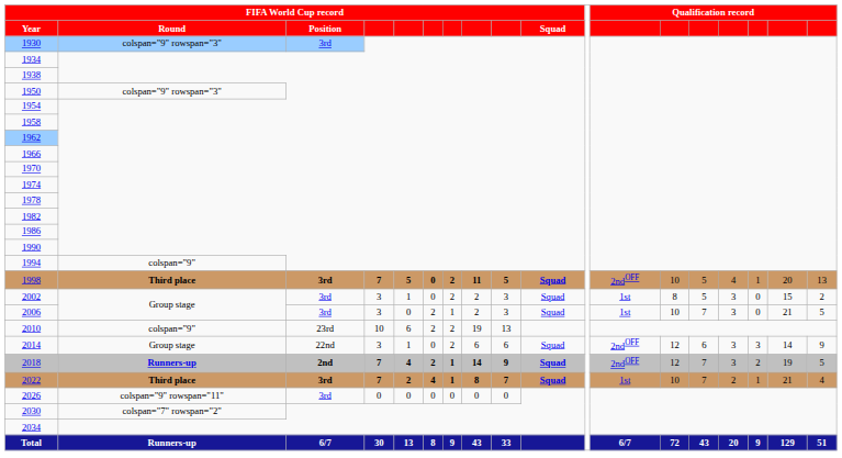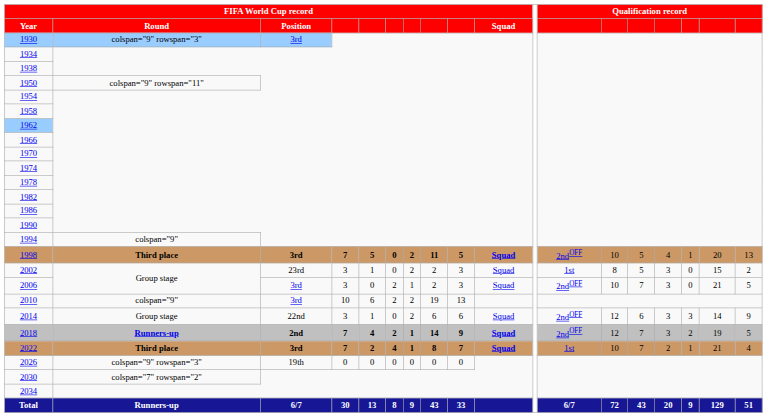 <table class="wikitable" style="font-size:90%; text-align:center;" width="100%" class="wikitable">
 <tr>
 <th colspan="10" style="background:#ff0000; color:white; ">FIFA World Cup record</th>
 <th width="1" rowspan="29" style="background:#FFFFFF; color:white"></th>
 <th colspan="7" style="background:#ff0000; color:white; ">Qualification record</th>
 </tr>
 <tr>
 <th style="background:#ff0000; color:white; ">Year</th>
 <th style="background:#ff0000; color:white; ">Round</th>
 <th style="background:#ff0000; color:white; ">Position</th>
 <th style="background:#ff0000; color:white; "></th>
 <th style="background:#ff0000; color:white; "></th>
 <th style="background:#ff0000; color:white; "></th>
 <th style="background:#ff0000; color:white; "></th>
 <th style="background:#ff0000; color:white; "></th>
 <th style="background:#ff0000; color:white; "></th>
 <th style="background:#ff0000; color:white; ">Squad</th>
 <th style="background:#ff0000; color:white; "></th>
 <th style="background:#ff0000; color:white; "></th>
 <th style="background:#ff0000; color:white; "></th>
 <th style="background:#ff0000; color:white; "></th>
 <th style="background:#ff0000; color:white; "></th>
 <th style="background:#ff0000; color:white; "></th>
 <th style="background:#ff0000; color:white; "></th>
 </tr>
 <tr bgcolor=#9acdff>
 <td> <a href='#'>1930</a></td>
 <td>colspan="9" rowspan="3" </td>
 <td><a href='#'>3rd</a></td>
 </tr>
 <tr>
 <td> <a href='#'>1934</a></td>
 </tr>
 <tr>
 <td> <a href='#'>1938</a></td>
 </tr>
 <tr>
 <td> <a href='#'>1950</a></td>
-<td>colspan="9" rowspan="3" </td>
+<td>colspan="9" rowspan="11" </td>
 </tr>
 <tr>
 <td> <a href='#'>1954</a></td>
 </tr>
 <tr>
 <td> <a href='#'>1958</a></td>
 </tr>
 <tr bgcolor=#9acdff>
 <td> <a href='#'>1962</a></td>
 </tr>
 <tr>
 <td> <a href='#'>1966</a></td>
 </tr>
 <tr>
 <td> <a href='#'>1970</a></td>
 </tr>
 <tr>
 <td> <a href='#'>1974</a></td>
 </tr>
 <tr>
 <td> <a href='#'>1978</a></td>
 </tr>
 <tr>
 <td> <a href='#'>1982</a></td>
 </tr>
 <tr>
 <td> <a href='#'>1986</a></td>
 </tr>
 <tr>
 <td> <a href='#'>1990</a></td>
 </tr>
 <tr>
 <td> <a href='#'>1994</a></td>
 <td>colspan="9" </td>
 </tr>
 <tr bgcolor=#cc9966>
 <td> <a href='#'>1998</a></td>
 <td><strong>Third place</strong></td>
 <td><strong>3rd</strong></td>
 <td><strong>7</strong></td>
 <td><strong>5</strong></td>
 <td><strong>0</strong></td>
 <td><strong>2</strong></td>
 <td><strong>11</strong></td>
 <td><strong>5</strong></td>
 <td><strong><a href='#'>Squad</a></strong></td>
 <td><a href='#'>2nd</a><sup><a href='#'>OFF</a></sup></td>
 <td>10</td>
 <td>5</td>
 <td>4</td>
 <td>1</td>
 <td>20</td>
 <td>13</td>
 </tr>
 <tr>
 <td>  <a href='#'>2002</a></td>
 <td rowspan=2>Group stage</td>
-<td><a href='#'>3rd</a></td>
+<td>23rd</td>
 <td>3</td>
 <td>1</td>
 <td>0</td>
 <td>2</td>
 <td>2</td>
 <td>3</td>
 <td><a href='#'>Squad</a></td>
 <td><a href='#'>1st</a></td>
 <td>8</td>
 <td>5</td>
 <td>3</td>
 <td>0</td>
 <td>15</td>
 <td>2</td>
 </tr>
 <tr>
 <td> <a href='#'>2006</a></td>
 <td><a href='#'>3rd</a></td>
 <td>3</td>
 <td>0</td>
 <td>2</td>
 <td>1</td>
 <td>2</td>
 <td>3</td>
 <td><a href='#'>Squad</a></td>
-<td><a href='#'>1st</a></td>
+<td><a href='#'>2nd</a><sup><a href='#'>OFF</a></sup></td>
 <td>10</td>
 <td>7</td>
 <td>3</td>
 <td>0</td>
 <td>21</td>
 <td>5</td>
 </tr>
 <tr>
 <td> <a href='#'>2010</a></td>
 <td>colspan="9" </td>
-<td>23rd</td>
+<td><a href='#'>3rd</a></td>
 <td>10</td>
 <td>6</td>
 <td>2</td>
 <td>2</td>
 <td>19</td>
 <td>13</td>
 </tr>
 <tr>
 <td> <a href='#'>2014</a></td>
 <td>Group stage</td>
 <td>22nd</td>
 <td>3</td>
 <td>1</td>
 <td>0</td>
 <td>2</td>
 <td>6</td>
 <td>6</td>
 <td><a href='#'>Squad</a></td>
 <td><a href='#'>2nd</a><sup><a href='#'>OFF</a></sup></td>
 <td>12</td>
 <td>6</td>
 <td>3</td>
 <td>3</td>
 <td>14</td>
 <td>9</td>
 </tr>
 <tr bgcolor=silver>
 <td> <a href='#'>2018</a></td>
 <td><strong><a href='#'>Runners-up</a></strong></td>
 <td><strong>2nd</strong></td>
 <td><strong>7</strong></td>
 <td><strong>4</strong></td>
 <td><strong>2</strong></td>
 <td><strong>1</strong></td>
 <td><strong>14</strong></td>
 <td><strong>9</strong></td>
 <td><strong><a href='#'>Squad</a></strong></td>
 <td><a href='#'>2nd</a><sup><a href='#'>OFF</a></sup></td>
 <td>12</td>
 <td>7</td>
 <td>3</td>
 <td>2</td>
 <td>19</td>
 <td>5</td>
 </tr>
 <tr bgcolor=#cc9966>
 <td> <a href='#'>2022</a></td>
 <td><strong>Third place</strong></td>
 <td><strong>3rd</strong></td>
 <td><strong>7</strong></td>
 <td><strong>2</strong></td>
 <td><strong>4</strong></td>
 <td><strong>1</strong></td>
 <td><strong>8</strong></td>
 <td><strong>7</strong></td>
 <td><strong><a href='#'>Squad</a></strong></td>
 <td><a href='#'>1st</a></td>
 <td>10</td>
 <td>7</td>
 <td>2</td>
 <td>1</td>
 <td>21</td>
 <td>4</td>
 </tr>
 <tr>
 <td>   <a href='#'>2026</a></td>
-<td>colspan="9" rowspan="11" </td>
-<td><a href='#'>3rd</a></td>
+<td>colspan="9" rowspan="3" </td>
+<td>19th</td>
 <td>0</td>
 <td>0</td>
 <td>0</td>
 <td>0</td>
 <td>0</td>
 <td>0</td>
 </tr>
 <tr>
 <td>   <a href='#'>2030</a></td>
 <td>colspan="7" rowspan="2" </td>
 </tr>
 <tr>
 <td> <a href='#'>2034</a></td>
 </tr>
 <tr>
 <th style="background:#171796; color:white; ">Total</th>
 <th style="background:#171796; color:white; ">Runners-up</th>
 <th style="background:#171796; color:white; ">6/7</th>
 <th style="background:#171796; color:white; ">30</th>
 <th style="background:#171796; color:white; ">13</th>
 <th style="background:#171796; color:white; ">8</th>
 <th style="background:#171796; color:white; ">9</th>
 <th style="background:#171796; color:white; ">43</th>
 <th style="background:#171796; color:white; ">33</th>
 <th style="background:#171796; color:white; "></th>
 <th style="background:#171796; color:white; ">6/7</th>
 <th style="background:#171796; color:white; ">72</th>
 <th style="background:#171796; color:white; ">43</th>
 <th style="background:#171796; color:white; ">20</th>
 <th style="background:#171796; color:white; ">9</th>
 <th style="background:#171796; color:white; ">129</th>
 <th style="background:#171796; color:white; ">51</th>
 </tr>
 </table>
